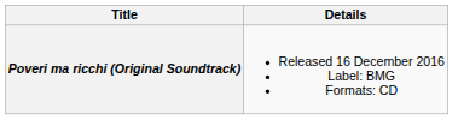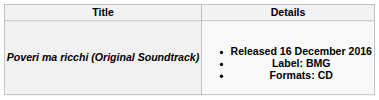 <table class="wikitable plainrowheaders" style="text-align:center;">
 <tr>
 <th scope="col">Title</th>
 <th scope="col">Details</th>
 </tr>
 <tr>
 <th scope="row"><em>Poveri ma ricchi (Original Soundtrack)</em></th>
-<td><br><ul><li>Released 16 December 2016</li><li>Label: BMG</li><li>Formats: CD</li></ul></td>
+<td><strong><br><ul><li>Released 16 December 2016</li><li>Label: BMG</li><li>Formats: CD</li></ul></strong></td>
 </tr>
 </table>
